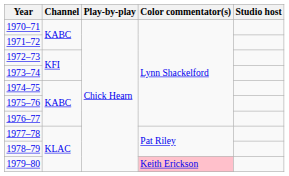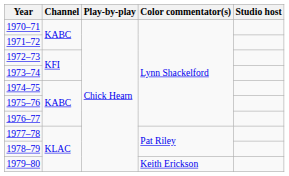 <table class="wikitable">
 <tr>
 <th>Year</th>
 <th>Channel</th>
 <th>Play-by-play</th>
 <th>Color commentator(s)</th>
 <th>Studio host</th>
 </tr>
 <tr>
 <td><a href='#'>1970–71</a></td>
 <td rowspan="2"><a href='#'>KABC</a></td>
 <td rowspan=10><a href='#'>Chick Hearn</a></td>
 <td rowspan="7"><a href='#'>Lynn Shackelford</a></td>
 <td></td>
 </tr>
 <tr>
 <td><a href='#'>1971–72</a></td>
 <td></td>
 </tr>
 <tr>
 <td><a href='#'>1972–73</a></td>
 <td rowspan="2"><a href='#'>KFI</a></td>
 <td></td>
 </tr>
 <tr>
 <td><a href='#'>1973–74</a></td>
 <td></td>
 </tr>
 <tr>
 <td><a href='#'>1974–75</a></td>
 <td rowspan="3"><a href='#'>KABC</a></td>
 <td></td>
 </tr>
 <tr>
 <td><a href='#'>1975–76</a></td>
 <td></td>
 </tr>
 <tr>
 <td><a href='#'>1976–77</a></td>
 <td></td>
 </tr>
 <tr>
 <td><a href='#'>1977–78</a></td>
 <td rowspan="3"><a href='#'>KLAC</a></td>
 <td rowspan="2"><a href='#'>Pat Riley</a></td>
 <td></td>
 </tr>
 <tr>
 <td><a href='#'>1978–79</a></td>
 <td></td>
 </tr>
 <tr>
 <td><a href='#'>1979–80</a></td>
-<td style="background: pink;"><a href='#'>Keith Erickson</a></td>
+<td><a href='#'>Keith Erickson</a></td>
 <td></td>
 </tr>
 </table>
